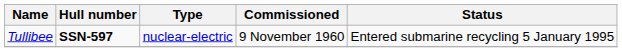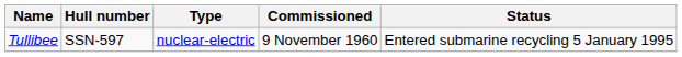 <table class="wikitable">
 <tr>
 <th>Name</th>
 <th>Hull number</th>
 <th>Type</th>
 <th>Commissioned</th>
 <th>Status</th>
 </tr>
 <tr>
 <td><em><a href='#'>Tullibee</a></em></td>
-<td><strong>SSN-597</strong></td>
+<td>SSN-597</td>
 <td><a href='#'>nuclear-electric</a></td>
 <td>9 November 1960</td>
 <td>Entered submarine recycling 5 January 1995</td>
 </tr>
 <tr>
 </tr>
 </table>
